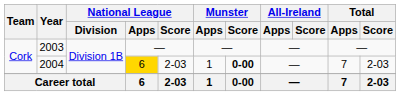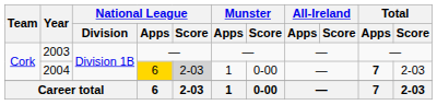 <table class="wikitable" style="text-align:center">
 <tr>
 <th rowspan="2">Team</th>
 <th rowspan="2">Year</th>
 <th colspan="3"><a href='#'>National League</a></th>
 <th colspan="2"><a href='#'>Munster</a></th>
 <th colspan="2"><a href='#'>All-Ireland</a></th>
 <th colspan="2">Total</th>
 </tr>
 <tr>
 <th>Division</th>
 <th>Apps</th>
 <th>Score</th>
 <th>Apps</th>
 <th>Score</th>
 <th>Apps</th>
 <th>Score</th>
 <th>Apps</th>
 <th>Score</th>
 </tr>
 <tr>
 <td rowspan="2"><a href='#'>Cork</a></td>
 <td>2003</td>
 <td rowspan="2"><a href='#'>Division 1B</a></td>
 <td colspan=2>—</td>
 <td colspan=2>—</td>
 <td colspan=2>—</td>
 <td colspan=2>—</td>
 </tr>
 <tr>
 <td>2004</td>
 <td style="background: gold;">6</td>
-<td>2-03</td>
+<td style="background: lightgrey;">2-03</td>
 <td>1</td>
-<td><strong>0-00</strong></td>
+<td>0-00</td>
 <td colspan=2>—</td>
-<td>7</td>
+<td><strong>7</strong></td>
 <td>2-03</td>
 </tr>
 <tr>
 </tr>
 <tr>
 <th colspan="3">Career total</th>
 <th>6</th>
 <th>2-03</th>
 <th>1</th>
 <th>0-00</th>
 <th colspan=2>—</th>
 <th>7</th>
 <th>2-03</th>
 </tr>
 </table>
